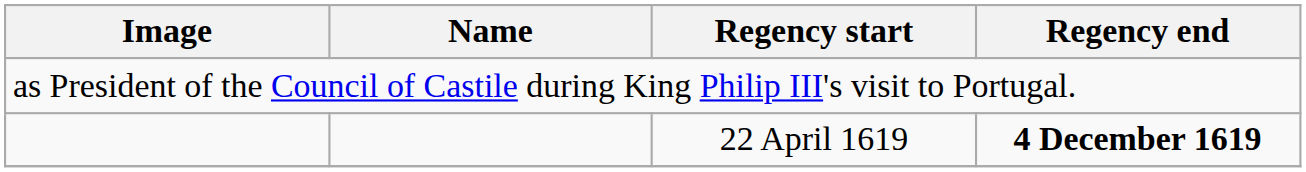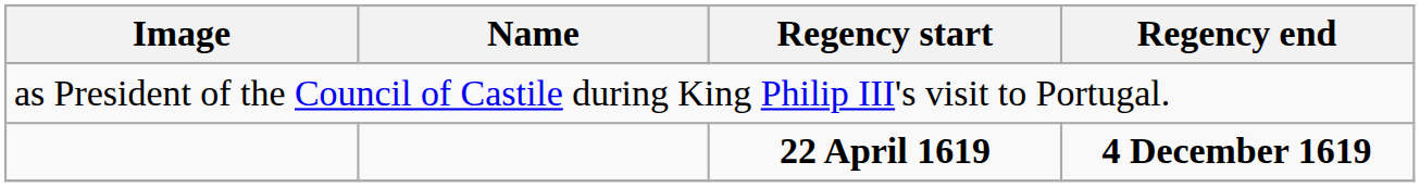 <table width=98% class="wikitable">
 <tr>
 <th width=20%>Image</th>
 <th width=20%>Name</th>
 <th width=20%>Regency start</th>
 <th width=20%>Regency end</th>
 </tr>
 <tr>
 <td colspan=4> as President of the <a href='#'>Council of Castile</a> during King <a href='#'>Philip III</a>'s visit to Portugal.</td>
 </tr>
 <tr>
 <td align="center"></td>
 <td align="center"></td>
-<td align="center">22 April 1619</td>
+<td align="center"><strong>22 April 1619</strong></td>
 <td align="center"><strong>4 December 1619</strong></td>
 </tr>
 <tr>
 </tr>
 </table>
